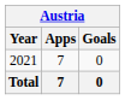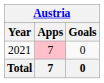 <table class="wikitable" style="text-align:center">
 <tr>
 <th colspan=3><a href='#'>Austria</a></th>
 </tr>
 <tr>
 <th>Year</th>
 <th>Apps</th>
 <th>Goals</th>
 </tr>
 <tr>
 <td>2021</td>
-<td>7</td>
+<td style="background: pink;">7</td>
 <td>0</td>
 </tr>
 <tr>
 <th>Total</th>
 <th>7</th>
 <th>0</th>
 </tr>
 </table>
